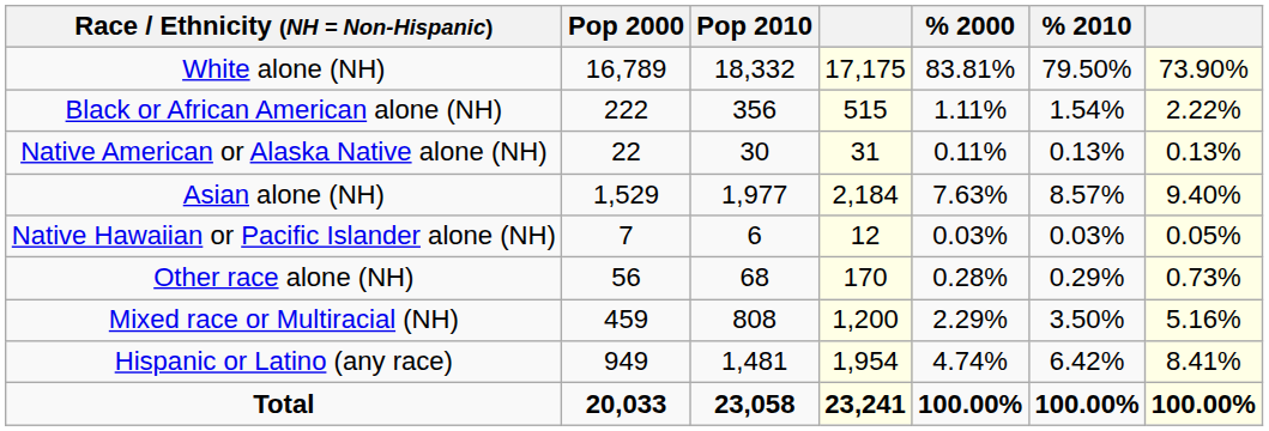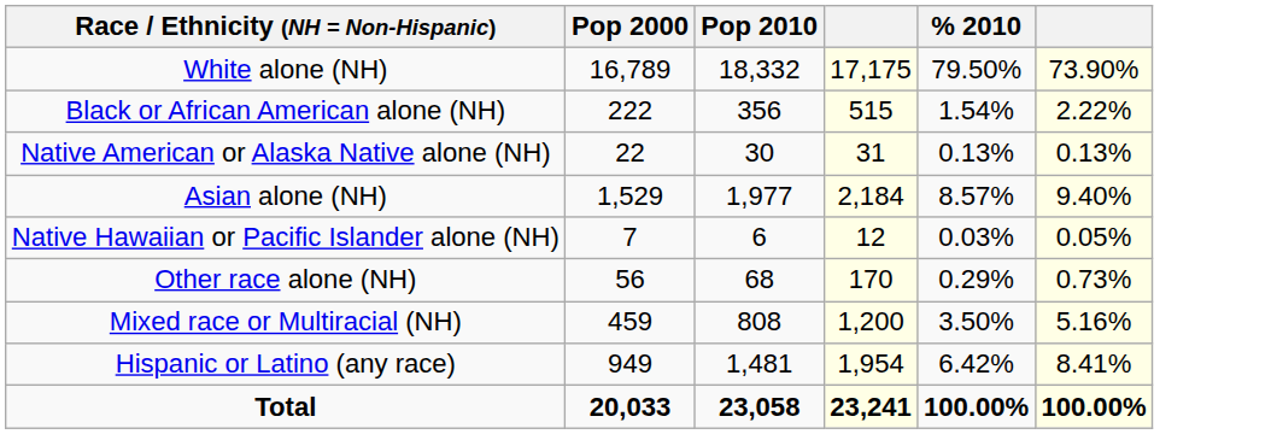 <table class="wikitable" style="text-align:center;">
 <tr>
 <th>Race / Ethnicity <small>(<em>NH = Non-Hispanic</em>)</small></th>
 <th>Pop 2000</th>
 <th>Pop 2010</th>
 <th></th>
-<th>% 2000</th>
 <th>% 2010</th>
 <th></th>
 </tr>
 <tr>
 <td><a href='#'>White</a> alone (NH)</td>
 <td>16,789</td>
 <td>18,332</td>
 <td style='background: #ffffe6;'>17,175</td>
-<td>83.81%</td>
 <td>79.50%</td>
 <td style='background: #ffffe6;'>73.90%</td>
 </tr>
 <tr>
 <td><a href='#'>Black or African American</a> alone (NH)</td>
 <td>222</td>
 <td>356</td>
 <td style='background: #ffffe6;'>515</td>
-<td>1.11%</td>
 <td>1.54%</td>
 <td style='background: #ffffe6;'>2.22%</td>
 </tr>
 <tr>
 <td><a href='#'>Native American</a> or <a href='#'>Alaska Native</a> alone (NH)</td>
 <td>22</td>
 <td>30</td>
 <td style='background: #ffffe6;'>31</td>
-<td>0.11%</td>
 <td>0.13%</td>
 <td style='background: #ffffe6;'>0.13%</td>
 </tr>
 <tr>
 <td><a href='#'>Asian</a> alone (NH)</td>
 <td>1,529</td>
 <td>1,977</td>
 <td style='background: #ffffe6;'>2,184</td>
-<td>7.63%</td>
 <td>8.57%</td>
 <td style='background: #ffffe6;'>9.40%</td>
 </tr>
 <tr>
 <td><a href='#'>Native Hawaiian</a> or <a href='#'>Pacific Islander</a> alone (NH)</td>
 <td>7</td>
 <td>6</td>
 <td style='background: #ffffe6;'>12</td>
 <td>0.03%</td>
-<td>0.03%</td>
 <td style='background: #ffffe6;'>0.05%</td>
 </tr>
 <tr>
 <td><a href='#'>Other race</a> alone (NH)</td>
 <td>56</td>
 <td>68</td>
 <td style='background: #ffffe6;'>170</td>
-<td>0.28%</td>
 <td>0.29%</td>
 <td style='background: #ffffe6;'>0.73%</td>
 </tr>
 <tr>
 <td><a href='#'>Mixed race or Multiracial</a> (NH)</td>
 <td>459</td>
 <td>808</td>
 <td style='background: #ffffe6;'>1,200</td>
-<td>2.29%</td>
 <td>3.50%</td>
 <td style='background: #ffffe6;'>5.16%</td>
 </tr>
 <tr>
 <td><a href='#'>Hispanic or Latino</a> (any race)</td>
 <td>949</td>
 <td>1,481</td>
 <td style='background: #ffffe6;'>1,954</td>
-<td>4.74%</td>
 <td>6.42%</td>
 <td style='background: #ffffe6;'>8.41%</td>
 </tr>
 <tr>
 <td><strong>Total</strong></td>
 <td><strong>20,033</strong></td>
 <td><strong>23,058</strong></td>
 <td style='background: #ffffe6;'><strong>23,241</strong></td>
 <td><strong>100.00%</strong></td>
-<td><strong>100.00%</strong></td>
 <td style='background: #ffffe6;'><strong>100.00%</strong></td>
 </tr>
 </table>
